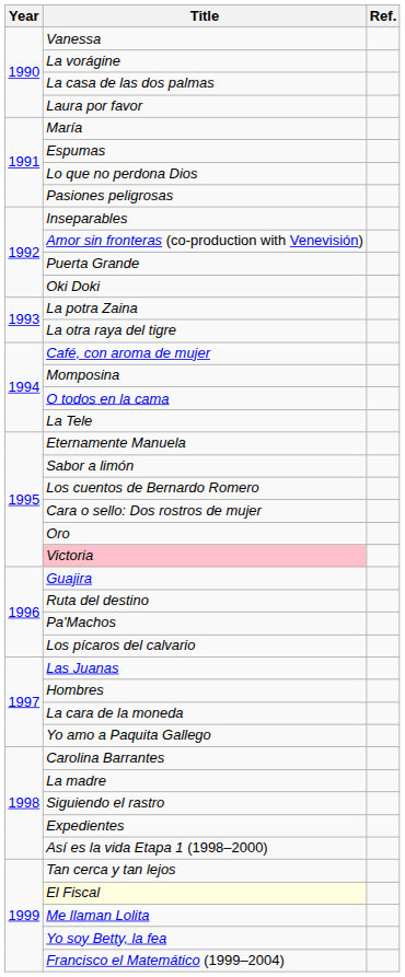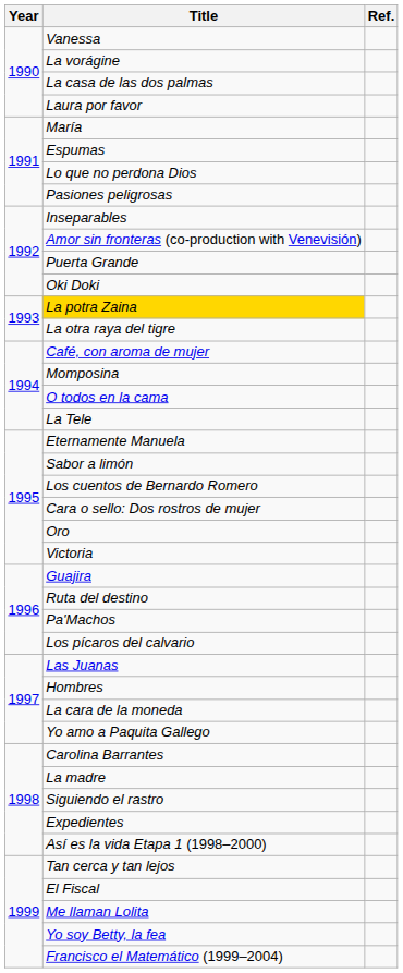 <table class="wikitable sortable">
 <tr>
 <th>Year</th>
 <th>Title</th>
 <th>Ref.</th>
 </tr>
 <tr>
 <td rowspan="4"><a href='#'>1990</a></td>
 <td><em>Vanessa</em></td>
 <td></td>
 </tr>
 <tr>
 <td><em>La vorágine</em></td>
 <td></td>
 </tr>
 <tr>
 <td><em>La casa de las dos palmas</em></td>
 <td></td>
 </tr>
 <tr>
 <td><em>Laura por favor</em></td>
 <td></td>
 </tr>
 <tr>
 <td rowspan="4"><a href='#'>1991</a></td>
 <td><em>María</em></td>
 <td></td>
 </tr>
 <tr>
 <td><em>Espumas</em></td>
 <td></td>
 </tr>
 <tr>
 <td><em>Lo que no perdona Dios</em></td>
 <td></td>
 </tr>
 <tr>
 <td><em>Pasiones peligrosas</em></td>
 <td></td>
 </tr>
 <tr>
 <td rowspan="4"><a href='#'>1992</a></td>
 <td><em>Inseparables</em></td>
 <td></td>
 </tr>
 <tr>
 <td><em><a href='#'>Amor sin fronteras</a></em> (co-production with <a href='#'>Venevisión</a>)</td>
 <td></td>
 </tr>
 <tr>
 <td><em>Puerta Grande</em></td>
 <td></td>
 </tr>
 <tr>
 <td><em>Oki Doki</em></td>
 <td></td>
 </tr>
 <tr>
 <td rowspan="2"><a href='#'>1993</a></td>
-<td><em>La potra Zaina</em></td>
+<td style="background: gold;"><em>La potra Zaina</em></td>
 <td></td>
 </tr>
 <tr>
 <td><em>La otra raya del tigre</em></td>
 <td></td>
 </tr>
 <tr>
 <td rowspan="4"><a href='#'>1994</a></td>
 <td><em><a href='#'>Café, con aroma de mujer</a></em></td>
 <td></td>
 </tr>
 <tr>
 <td><em>Momposina</em></td>
 <td></td>
 </tr>
 <tr>
 <td><em><a href='#'>O todos en la cama</a></em></td>
 <td></td>
 </tr>
 <tr>
 <td><em>La Tele</em></td>
 <td></td>
 </tr>
 <tr>
 <td rowspan="6"><a href='#'>1995</a></td>
 <td><em>Eternamente Manuela</em></td>
 <td></td>
 </tr>
 <tr>
 <td><em>Sabor a limón</em></td>
 <td></td>
 </tr>
 <tr>
 <td><em>Los cuentos de Bernardo Romero</em></td>
 <td></td>
 </tr>
 <tr>
 <td><em>Cara o sello: Dos rostros de mujer</em></td>
 <td></td>
 </tr>
 <tr>
 <td><em>Oro</em></td>
 <td></td>
 </tr>
 <tr>
-<td style="background: pink;"><em>Victoria</em></td>
+<td><em>Victoria</em></td>
 <td></td>
 </tr>
 <tr>
 <td rowspan="4"><a href='#'>1996</a></td>
 <td><em><a href='#'>Guajira</a></em></td>
 <td></td>
 </tr>
 <tr>
 <td><em>Ruta del destino</em></td>
 <td></td>
 </tr>
 <tr>
 <td><em>Pa'Machos</em></td>
 <td></td>
 </tr>
 <tr>
 <td><em>Los pícaros del calvario</em></td>
 <td></td>
 </tr>
 <tr>
 <td rowspan="4"><a href='#'>1997</a></td>
 <td><em><a href='#'>Las Juanas</a></em></td>
 <td></td>
 </tr>
 <tr>
 <td><em>Hombres</em></td>
 <td></td>
 </tr>
 <tr>
 <td><em>La cara de la moneda</em></td>
 <td></td>
 </tr>
 <tr>
 <td><em>Yo amo a Paquita Gallego</em></td>
 <td></td>
 </tr>
 <tr>
 <td rowspan="5"><a href='#'>1998</a></td>
 <td><em>Carolina Barrantes</em></td>
 <td></td>
 </tr>
 <tr>
 <td><em>La madre</em></td>
 <td></td>
 </tr>
 <tr>
 <td><em>Siguiendo el rastro</em></td>
 <td></td>
 </tr>
 <tr>
 <td><em>Expedientes</em></td>
 <td></td>
 </tr>
 <tr>
 <td><em>Así es la vida Etapa 1</em> (1998–2000)</td>
 <td></td>
 </tr>
 <tr>
 <td rowspan="5"><a href='#'>1999</a></td>
 <td><em>Tan cerca y tan lejos</em></td>
 <td></td>
 </tr>
 <tr>
-<td style="background: lightyellow;"><em>El Fiscal</em></td>
+<td><em>El Fiscal</em></td>
 <td></td>
 </tr>
 <tr>
 <td><em><a href='#'>Me llaman Lolita</a></em></td>
 <td></td>
 </tr>
 <tr>
 <td><em><a href='#'>Yo soy Betty, la fea</a></em></td>
 <td></td>
 </tr>
 <tr>
 <td><em><a href='#'>Francisco el Matemático</a></em> (1999–2004)</td>
 <td></td>
 </tr>
 </table>
